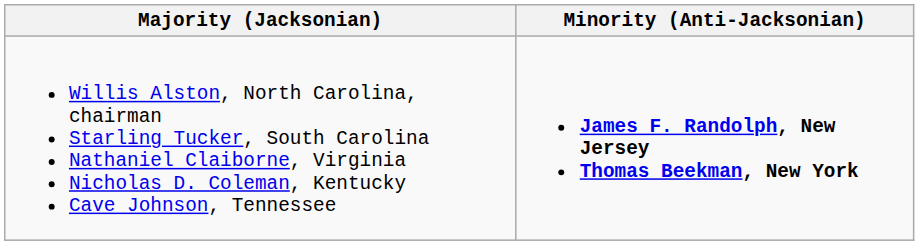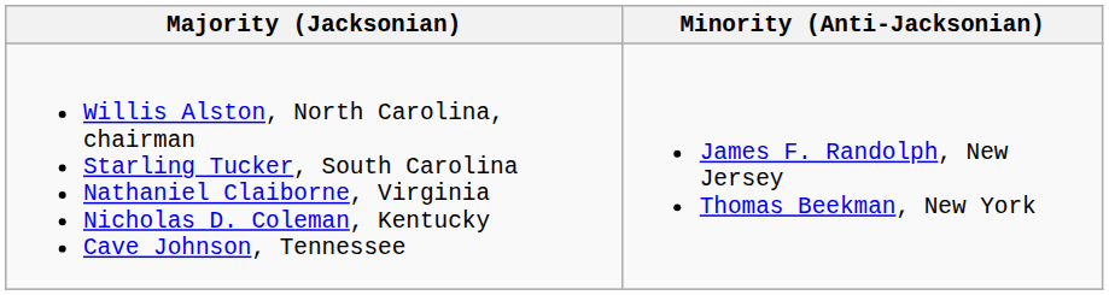 <table class=wikitable>
 <tr>
 <th>Majority (Jacksonian)</th>
 <th>Minority (Anti-Jacksonian)</th>
 </tr>
 <tr>
 <td><br><ul><li><a href='#'>Willis Alston</a>, North Carolina, chairman</li><li><a href='#'>Starling Tucker</a>, South Carolina</li><li><a href='#'>Nathaniel Claiborne</a>, Virginia</li><li><a href='#'>Nicholas D. Coleman</a>, Kentucky</li><li><a href='#'>Cave Johnson</a>, Tennessee</li></ul></td>
-<td><strong><br><ul><li><a href='#'>James F. Randolph</a>, New Jersey</li><li><a href='#'>Thomas Beekman</a>, New York</li></ul></strong></td>
+<td><br><ul><li><a href='#'>James F. Randolph</a>, New Jersey</li><li><a href='#'>Thomas Beekman</a>, New York</li></ul></td>
 </tr>
 </table>
